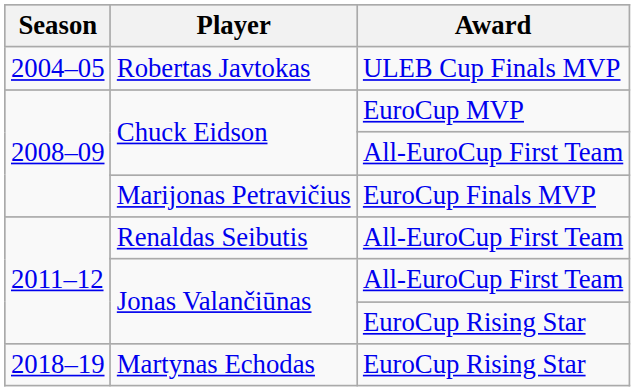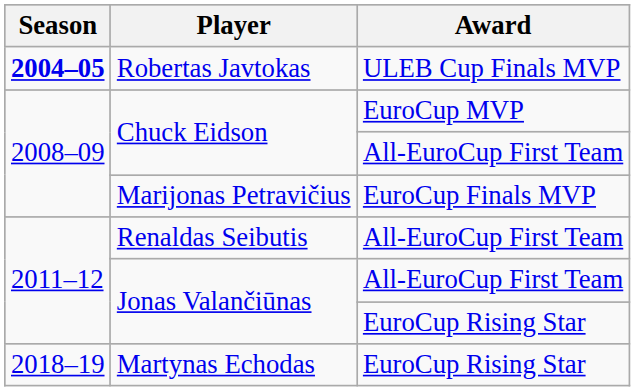 <table class="wikitable">
 <tr>
 <th>Season</th>
 <th>Player</th>
 <th>Award</th>
 </tr>
 <tr>
-<td><a href='#'>2004–05</a></td>
+<td><strong><a href='#'>2004–05</a></strong></td>
 <td> <a href='#'>Robertas Javtokas</a></td>
 <td><a href='#'>ULEB Cup Finals MVP</a></td>
 </tr>
 <tr>
 <td rowspan=3><a href='#'>2008–09</a></td>
 <td rowspan=2> <a href='#'>Chuck Eidson</a></td>
 <td><a href='#'>EuroCup MVP</a></td>
 </tr>
 <tr>
 <td><a href='#'>All-EuroCup First Team</a></td>
 </tr>
 <tr>
 <td> <a href='#'>Marijonas Petravičius</a></td>
 <td><a href='#'>EuroCup Finals MVP</a></td>
 </tr>
 <tr>
 <td rowspan=3><a href='#'>2011–12</a></td>
 <td> <a href='#'>Renaldas Seibutis</a></td>
 <td><a href='#'>All-EuroCup First Team</a></td>
 </tr>
 <tr>
 <td rowspan=2> <a href='#'>Jonas Valančiūnas</a></td>
 <td><a href='#'>All-EuroCup First Team</a></td>
 </tr>
 <tr>
 <td><a href='#'>EuroCup Rising Star</a></td>
 </tr>
 <tr>
 <td rowspan=3><a href='#'>2018–19</a></td>
 <td> <a href='#'>Martynas Echodas</a></td>
 <td><a href='#'>EuroCup Rising Star</a></td>
 </tr>
 </table>
